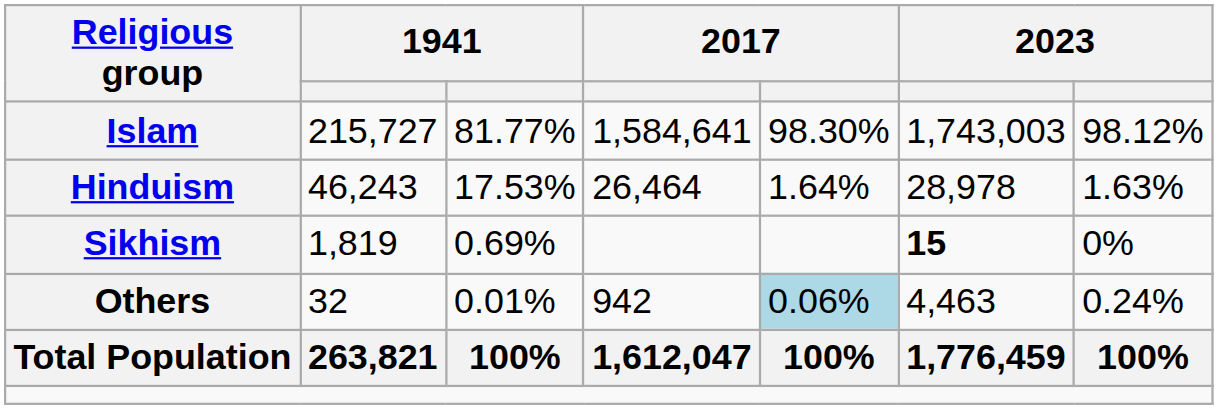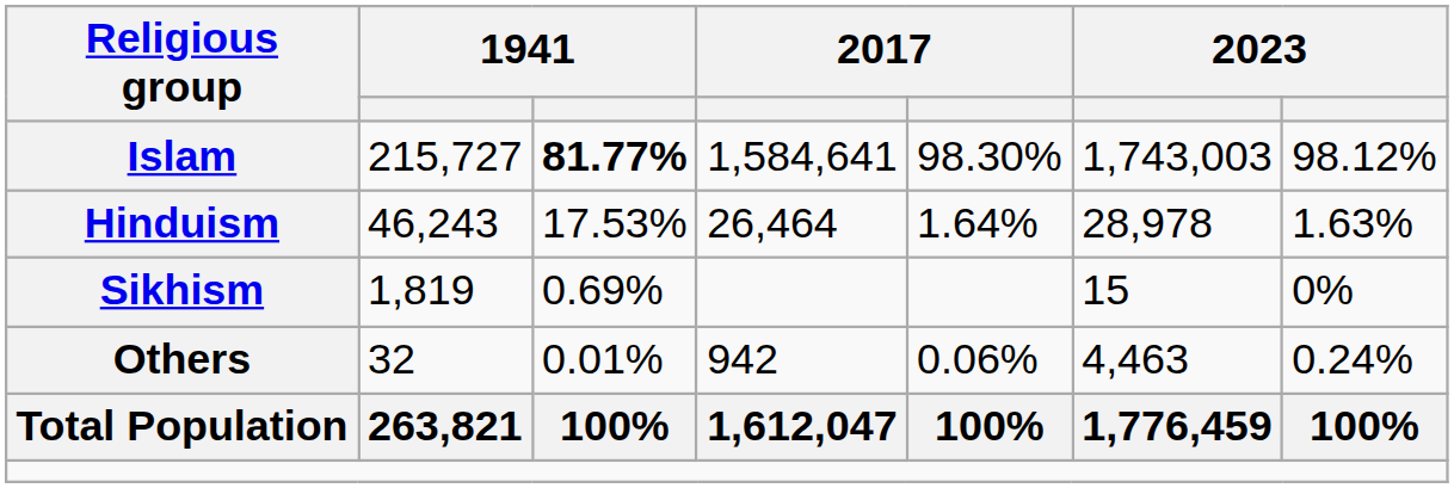 <table class="wikitable sortable">
 <tr>
 <th rowspan="2"><a href='#'>Religious</a><br>group</th>
 <th colspan="2">1941</th>
 <th colspan="2">2017</th>
 <th colspan="2">2023</th>
 </tr>
 <tr>
 <th><a href='#'></a></th>
 <th></th>
 <th></th>
 <th></th>
 <th></th>
 <th></th>
 </tr>
 <tr>
 <th><a href='#'>Islam</a> </th>
 <td>215,727</td>
-<td>81.77%</td>
+<td><strong>81.77%</strong></td>
 <td>1,584,641</td>
 <td>98.30%</td>
 <td>1,743,003</td>
 <td>98.12%</td>
 </tr>
 <tr>
 <th><a href='#'>Hinduism</a> </th>
 <td>46,243</td>
 <td>17.53%</td>
 <td>26,464</td>
 <td>1.64%</td>
 <td>28,978</td>
 <td>1.63%</td>
 </tr>
 <tr>
 <th><a href='#'>Sikhism</a> </th>
 <td>1,819</td>
 <td>0.69%</td>
 <td></td>
 <td></td>
-<td><strong>15</strong></td>
+<td>15</td>
 <td>0%</td>
 </tr>
 <tr>
 <th>Others </th>
 <td>32</td>
 <td>0.01%</td>
 <td>942</td>
-<td style="background: lightblue;">0.06%</td>
+<td>0.06%</td>
 <td>4,463</td>
 <td>0.24%</td>
 </tr>
 <tr>
 <th>Total Population</th>
 <th>263,821</th>
 <th>100%</th>
 <th>1,612,047</th>
 <th>100%</th>
 <th>1,776,459</th>
 <th>100%</th>
 </tr>
 <tr class="sortbottom">
 <td colspan="7"></td>
 </tr>
 </table>
